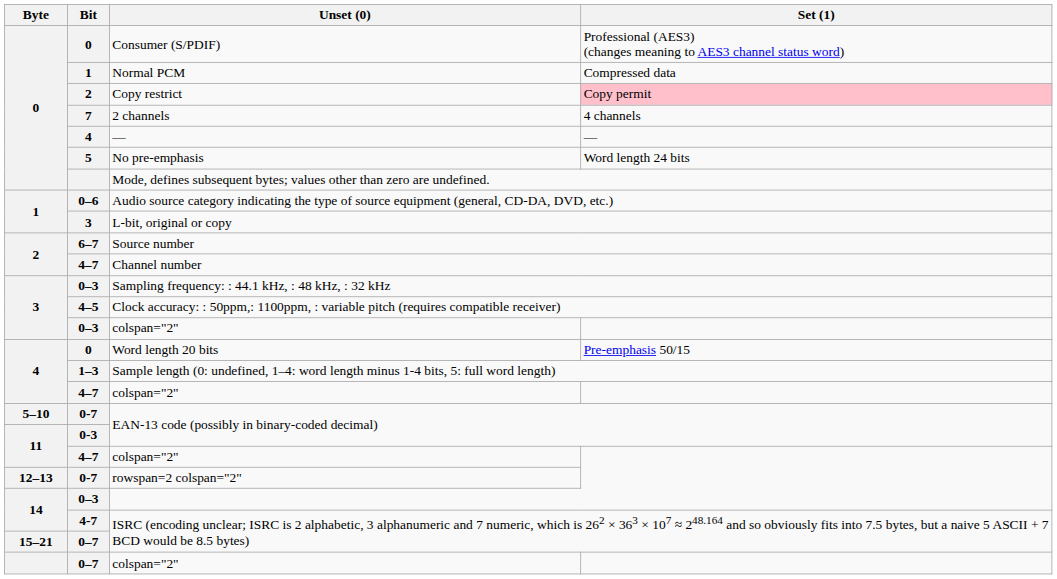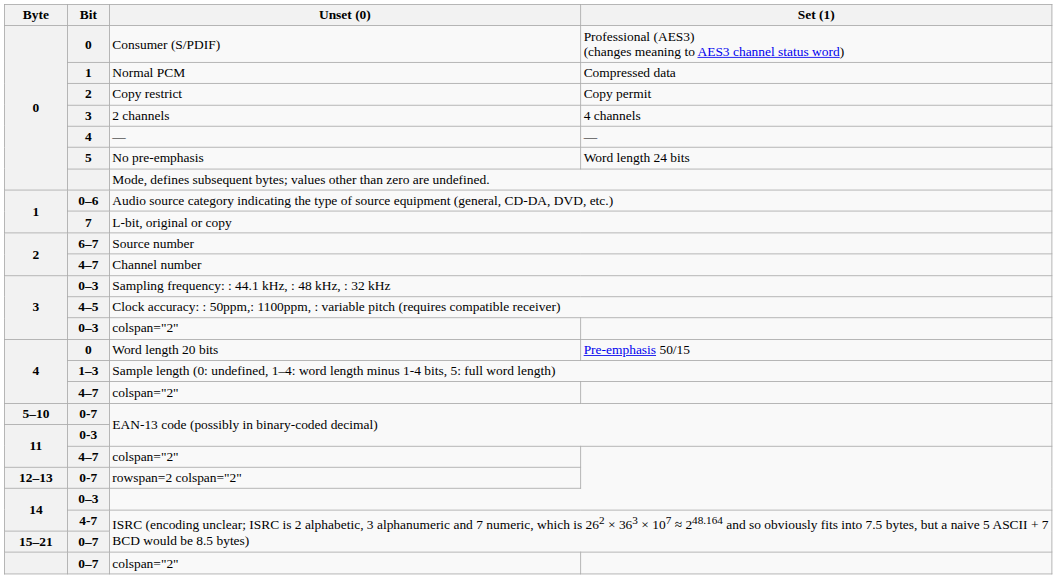 <table class="wikitable">
 <tr>
 <th>Byte</th>
 <th>Bit</th>
 <th width=45%>Unset (0)</th>
 <th width=45%>Set (1)</th>
 </tr>
 <tr>
 <th rowspan=7>0</th>
 <th>0</th>
 <td>Consumer (S/PDIF)</td>
 <td>Professional (AES3)<br>(changes meaning to <a href='#'>AES3 channel status word</a>)</td>
 </tr>
 <tr>
 <th>1</th>
 <td>Normal PCM</td>
 <td>Compressed data</td>
 </tr>
 <tr>
 <th>2</th>
 <td>Copy restrict</td>
-<td style="background: pink;">Copy permit</td>
+<td>Copy permit</td>
 </tr>
 <tr>
-<th>7</th>
+<th>3</th>
 <td>2 channels</td>
 <td>4 channels</td>
 </tr>
 <tr>
 <th>4</th>
 <td>—</td>
 <td>—</td>
 </tr>
 <tr>
 <th>5</th>
 <td>No pre-emphasis</td>
 <td>Word length 24 bits</td>
 </tr>
 <tr>
 <th></th>
 <td colspan="2">Mode, defines subsequent bytes; values other than zero are undefined.</td>
 </tr>
 <tr>
 <th rowspan=2>1</th>
 <th>0–6</th>
 <td colspan="2">Audio source category indicating the type of source equipment (general, CD-DA, DVD, etc.)</td>
 </tr>
 <tr>
-<th>3</th>
+<th>7</th>
 <td colspan="2">L-bit, original or copy</td>
 </tr>
 <tr>
 <th rowspan=2>2</th>
 <th>6–7</th>
 <td colspan="2">Source number</td>
 </tr>
 <tr>
 <th>4–7</th>
 <td colspan="2">Channel number</td>
 </tr>
 <tr>
 <th rowspan=3>3</th>
 <th>0–3</th>
 <td colspan="2">Sampling frequency: : 44.1 kHz, : 48 kHz, : 32 kHz</td>
 </tr>
 <tr>
 <th>4–5</th>
 <td colspan="2">Clock accuracy: : 50ppm,: 1100ppm, : variable pitch (requires compatible receiver)</td>
 </tr>
 <tr>
 <th>0–3</th>
 <td>colspan="2"   </td>
 </tr>
 <tr>
 <th rowspan=3>4</th>
 <th>0</th>
 <td>Word length 20 bits</td>
 <td><a href='#'>Pre-emphasis</a> 50/15</td>
 </tr>
 <tr>
 <th>1–3</th>
 <td colspan="2">Sample length (0: undefined, 1–4: word length minus 1-4 bits, 5: full word length)</td>
 </tr>
 <tr>
 <th>4–7</th>
 <td>colspan="2"   </td>
 </tr>
 <tr>
 <th>5–10</th>
 <th>0-7</th>
 <td rowspan=2 colspan="2">EAN-13 code (possibly in binary-coded decimal)</td>
 </tr>
 <tr>
 <th rowspan=2>11</th>
 <th>0-3</th>
 </tr>
 <tr>
 <th>4–7</th>
 <td>colspan="2"   </td>
 </tr>
 <tr>
 <th>12–13</th>
 <th>0-7</th>
 <td>rowspan=2 colspan="2"   </td>
 </tr>
 <tr>
 <th rowspan=2>14</th>
 <th>0–3</th>
 </tr>
 <tr>
 <th>4-7</th>
 <td rowspan=2 colspan="2">ISRC (encoding unclear; ISRC is 2 alphabetic, 3 alphanumeric and 7 numeric, which is 26<sup>2</sup> × 36<sup>3</sup> × 10<sup>7</sup> ≈ 2<sup>48.164</sup> and so obviously fits into 7.5 bytes, but a naive 5 ASCII + 7 BCD would be 8.5 bytes)</td>
 </tr>
 <tr>
 <th>15–21</th>
 <th>0–7</th>
 </tr>
 <tr>
 <th></th>
 <th>0–7</th>
 <td>colspan="2"   </td>
 </tr>
 </table>
